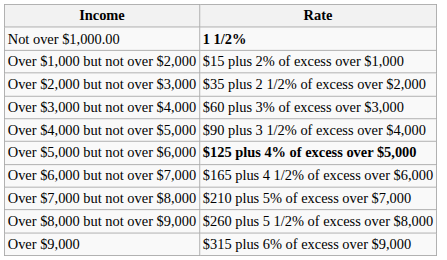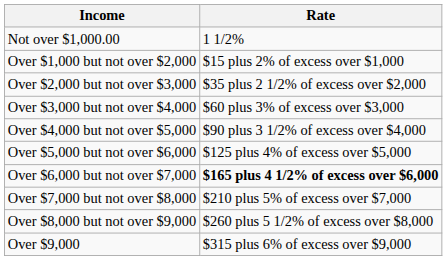 <table class="wikitable" border="1">
 <tr>
 <th>Income</th>
 <th>Rate</th>
 </tr>
 <tr>
 <td>Not over $1,000.00</td>
-<td><strong>1 1/2%</strong></td>
+<td>1 1/2%</td>
 </tr>
 <tr>
 <td>Over $1,000 but not over $2,000</td>
 <td>$15 plus 2% of excess over $1,000</td>
 </tr>
 <tr>
 <td>Over $2,000 but not over $3,000</td>
 <td>$35 plus 2 1/2% of excess over $2,000</td>
 </tr>
 <tr>
 <td>Over $3,000 but not over $4,000</td>
 <td>$60 plus 3% of excess over $3,000</td>
 </tr>
 <tr>
 <td>Over $4,000 but not over $5,000</td>
 <td>$90 plus 3 1/2% of excess over $4,000</td>
 </tr>
 <tr>
 <td>Over $5,000 but not over $6,000</td>
-<td><strong>$125 plus 4% of excess over $5,000</strong></td>
+<td>$125 plus 4% of excess over $5,000</td>
 </tr>
 <tr>
 <td>Over $6,000 but not over $7,000</td>
-<td>$165 plus 4 1/2% of excess over $6,000</td>
+<td><strong>$165 plus 4 1/2% of excess over $6,000</strong></td>
 </tr>
 <tr>
 <td>Over $7,000 but not over $8,000</td>
 <td>$210 plus 5% of excess over $7,000</td>
 </tr>
 <tr>
 <td>Over $8,000 but not over $9,000</td>
 <td>$260 plus 5 1/2% of excess over $8,000</td>
 </tr>
 <tr>
 <td>Over $9,000</td>
 <td>$315 plus 6% of excess over $9,000</td>
 </tr>
 </table>
